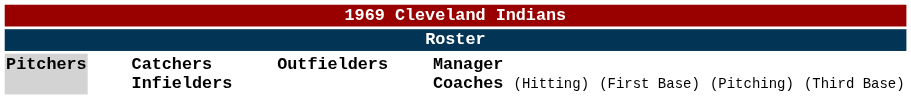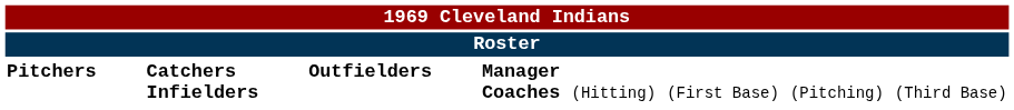 <table class="toccolours" style="font-size: 95%;">
 <tr>
 <th colspan="10" style="background-color: #990000; color: white; text-align: center;">1969 Cleveland Indians</th>
 </tr>
 <tr>
 <td colspan="10" style="background-color: #023456; color: white; text-align: center;"><strong>Roster</strong></td>
 </tr>
 <tr>
-<td valign="top" style="background: lightgrey;"><strong>Pitchers</strong><br>               </td>
+<td valign="top"><strong>Pitchers</strong><br>               </td>
 <td width="25px"></td>
 <td valign="top"><strong>Catchers</strong><br>    <strong>Infielders</strong>          </td>
 <td width="25px"></td>
 <td valign="top"><strong>Outfielders</strong><br>         </td>
 <td width="25px"></td>
 <td valign="top"><strong>Manager</strong><br> <strong>Coaches</strong>  <small>(Hitting)</small>  <small>(First Base)</small>  <small>(Pitching)</small>  <small>(Third Base)</small></td>
 </tr>
 </table>
